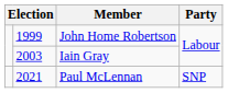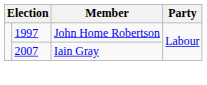 <table class="wikitable">
 <tr>
 <th colspan="2">Election</th>
 <th>Member</th>
 <th>Party</th>
 </tr>
 <tr>
 <td rowspan="2" style="background-color: "></td>
-<td><a href='#'>1999</a></td>
+<td><a href='#'>1997</a></td>
 <td><a href='#'>John Home Robertson</a></td>
 <td rowspan="2"><a href='#'>Labour</a></td>
 </tr>
 <tr>
-<td><a href='#'>2003</a></td>
+<td><a href='#'>2007</a></td>
 <td><a href='#'>Iain Gray</a></td>
 </tr>
-<tr>
-<td style="background-color: "></td>
-<td><a href='#'>2021</a></td>
-<td><a href='#'>Paul McLennan</a></td>
-<td><a href='#'>SNP</a></td>
-</tr>
 </table>
